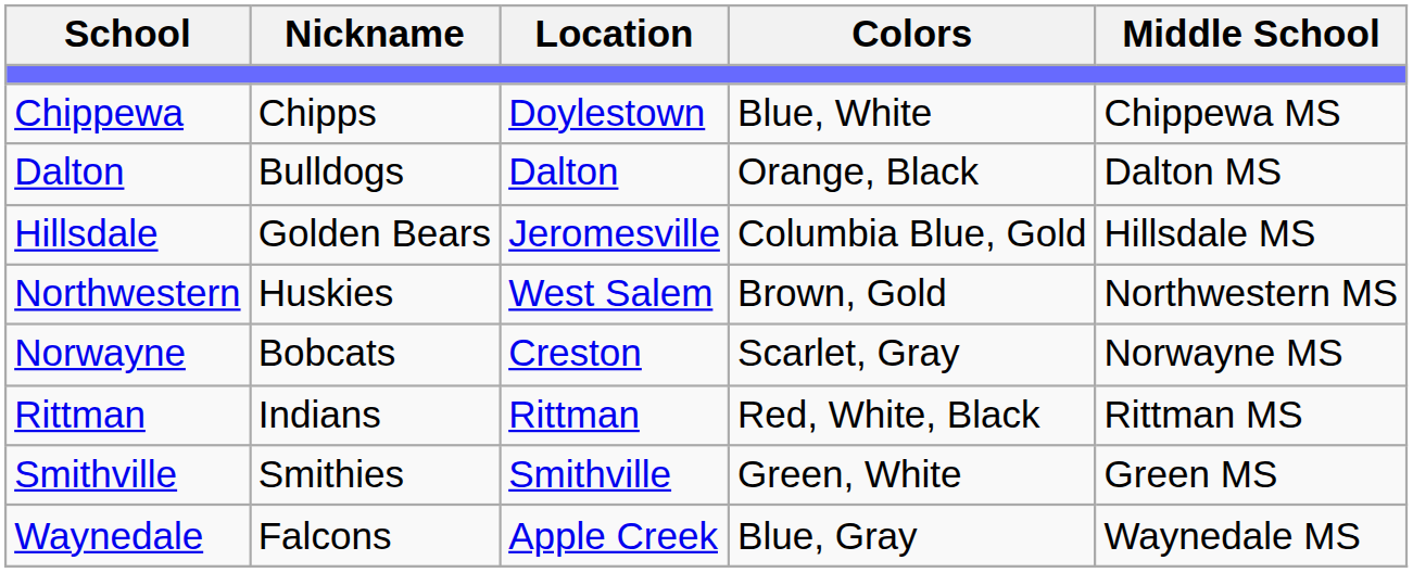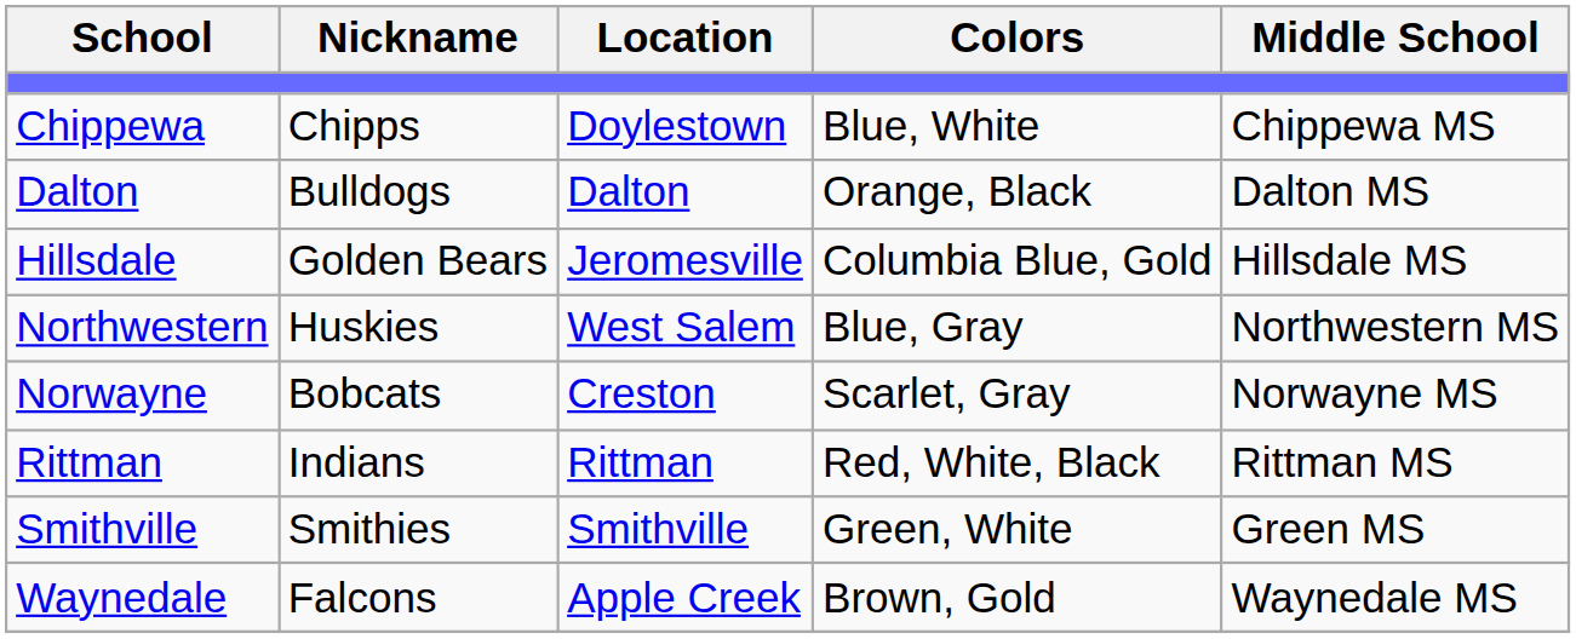 <table class="wikitable sortable">
 <tr>
 <th>School</th>
 <th>Nickname</th>
 <th>Location</th>
 <th>Colors</th>
 <th>Middle School</th>
 </tr>
 <tr>
 <th colspan="7" style="background:#676AFE;"></th>
 </tr>
 <tr>
 <td><a href='#'>Chippewa</a></td>
 <td>Chipps</td>
 <td><a href='#'>Doylestown</a></td>
 <td>Blue, White<br>  </td>
 <td>Chippewa MS</td>
 </tr>
 <tr>
 <td><a href='#'>Dalton</a></td>
 <td>Bulldogs</td>
 <td><a href='#'>Dalton</a></td>
 <td>Orange, Black <br>  </td>
 <td>Dalton MS</td>
 </tr>
 <tr>
 <td><a href='#'>Hillsdale</a></td>
 <td>Golden Bears</td>
 <td><a href='#'>Jeromesville</a></td>
 <td>Columbia Blue, Gold<br>  </td>
 <td>Hillsdale MS</td>
 </tr>
 <tr>
 <td><a href='#'>Northwestern</a></td>
 <td>Huskies</td>
 <td><a href='#'>West Salem</a></td>
-<td>Brown, Gold<br> </td>
+<td>Blue, Gray <br> </td>
 <td>Northwestern MS</td>
 </tr>
 <tr>
 <td><a href='#'>Norwayne</a></td>
 <td>Bobcats</td>
 <td><a href='#'>Creston</a></td>
 <td>Scarlet, Gray<br> </td>
 <td>Norwayne MS</td>
 </tr>
 <tr>
 <td><a href='#'>Rittman</a></td>
 <td>Indians</td>
 <td><a href='#'>Rittman</a></td>
 <td>Red, White, Black<br>  </td>
 <td>Rittman MS</td>
 </tr>
 <tr>
 <td><a href='#'>Smithville</a></td>
 <td>Smithies</td>
 <td><a href='#'>Smithville</a></td>
 <td>Green, White<br> </td>
 <td>Green MS</td>
 </tr>
 <tr>
 <td><a href='#'>Waynedale</a></td>
 <td>Falcons</td>
 <td><a href='#'>Apple Creek</a></td>
-<td>Blue, Gray <br> </td>
+<td>Brown, Gold<br> </td>
 <td>Waynedale MS</td>
 </tr>
 <tr>
 </tr>
 </table>
